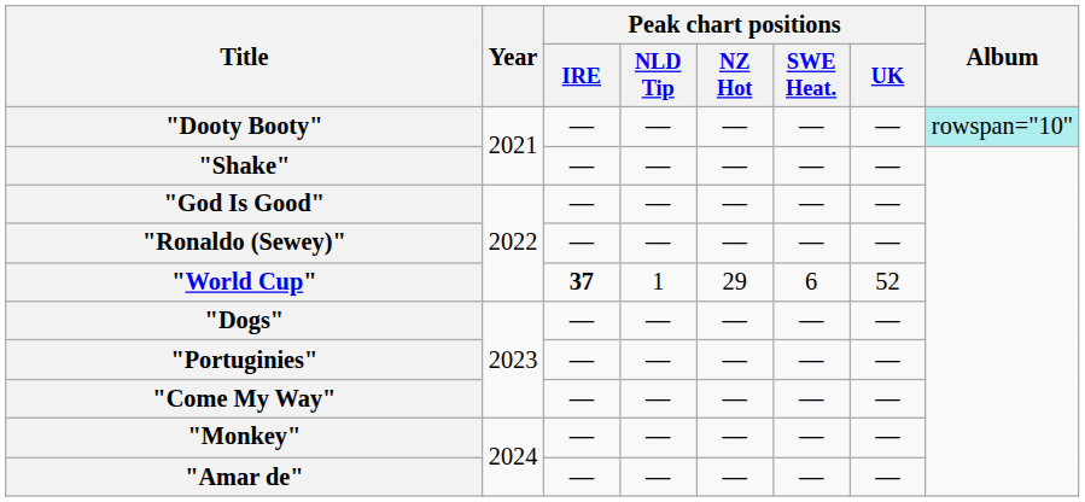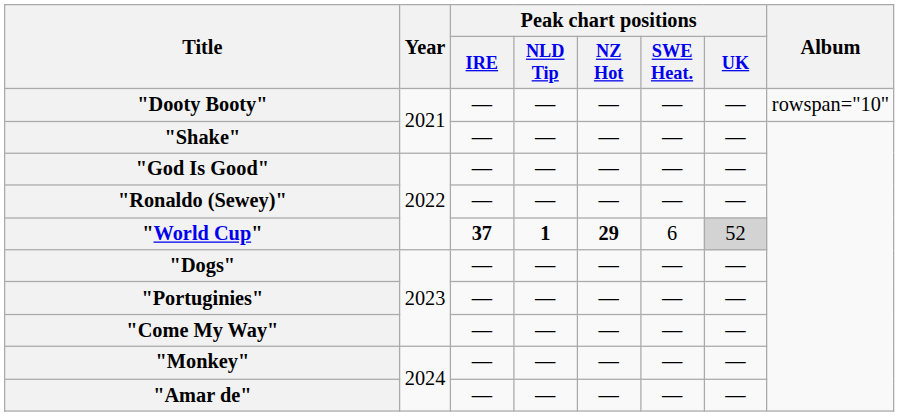 <table class="wikitable plainrowheaders" style="text-align:center;">
 <tr>
 <th scope="col" rowspan="2" style="width:19em;">Title</th>
 <th scope="col" rowspan="2">Year</th>
 <th colspan="5">Peak chart positions</th>
 <th scope="col" rowspan="2">Album</th>
 </tr>
 <tr>
 <th scope="col" style="width:3em;font-size:90%;"><a href='#'>IRE</a><br></th>
 <th scope="col" style="width:3em;font-size:90%;"><a href='#'>NLD<br>Tip</a><br></th>
 <th scope="col" style="width:3em;font-size:90%;"><a href='#'>NZ<br>Hot</a><br></th>
 <th scope="col" style="width:3em;font-size:90%;"><a href='#'>SWE<br>Heat.</a><br></th>
 <th scope="col" style="width:3em;font-size:90%;"><a href='#'>UK</a><br></th>
 </tr>
 <tr>
 <th scope="row">"Dooty Booty"</th>
 <td rowspan="2">2021</td>
 <td>—</td>
 <td>—</td>
 <td>—</td>
 <td>—</td>
 <td>—</td>
-<td style="background: paleturquoise;">rowspan="10" </td>
+<td>rowspan="10" </td>
 </tr>
 <tr>
 <th scope="row">"Shake"</th>
 <td>—</td>
 <td>—</td>
 <td>—</td>
 <td>—</td>
 <td>—</td>
 </tr>
 <tr>
 <th scope="row">"God Is Good"</th>
 <td rowspan="3">2022</td>
 <td>—</td>
 <td>—</td>
 <td>—</td>
 <td>—</td>
 <td>—</td>
 </tr>
 <tr>
 <th scope="row">"Ronaldo (Sewey)"</th>
 <td>—</td>
 <td>—</td>
 <td>—</td>
 <td>—</td>
 <td>—</td>
 </tr>
 <tr>
 <th scope="row">"<a href='#'>World Cup</a>"</th>
 <td><strong>37</strong></td>
-<td>1</td>
-<td>29</td>
+<td><strong>1</strong></td>
+<td><strong>29</strong></td>
 <td>6</td>
-<td>52</td>
+<td style="background: lightgrey;">52</td>
 </tr>
 <tr>
 <th scope="row">"Dogs"<br></th>
 <td rowspan="3">2023</td>
 <td>—</td>
 <td>—</td>
 <td>—</td>
 <td>—</td>
 <td>—</td>
 </tr>
 <tr>
 <th scope="row">"Portuginies"</th>
 <td>—</td>
 <td>—</td>
 <td>—</td>
 <td>—</td>
 <td>—</td>
 </tr>
 <tr>
 <th scope="row">"Come My Way"</th>
 <td>—</td>
 <td>—</td>
 <td>—</td>
 <td>—</td>
 <td>—</td>
 </tr>
 <tr>
 <th scope="row">"Monkey"</th>
 <td rowspan="2">2024</td>
 <td>—</td>
 <td>—</td>
 <td>—</td>
 <td>—</td>
 <td>—</td>
 </tr>
 <tr>
 <th scope="row">"Amar de"<br></th>
 <td>—</td>
 <td>—</td>
 <td>—</td>
 <td>—</td>
 <td>—</td>
 </tr>
 </table>
